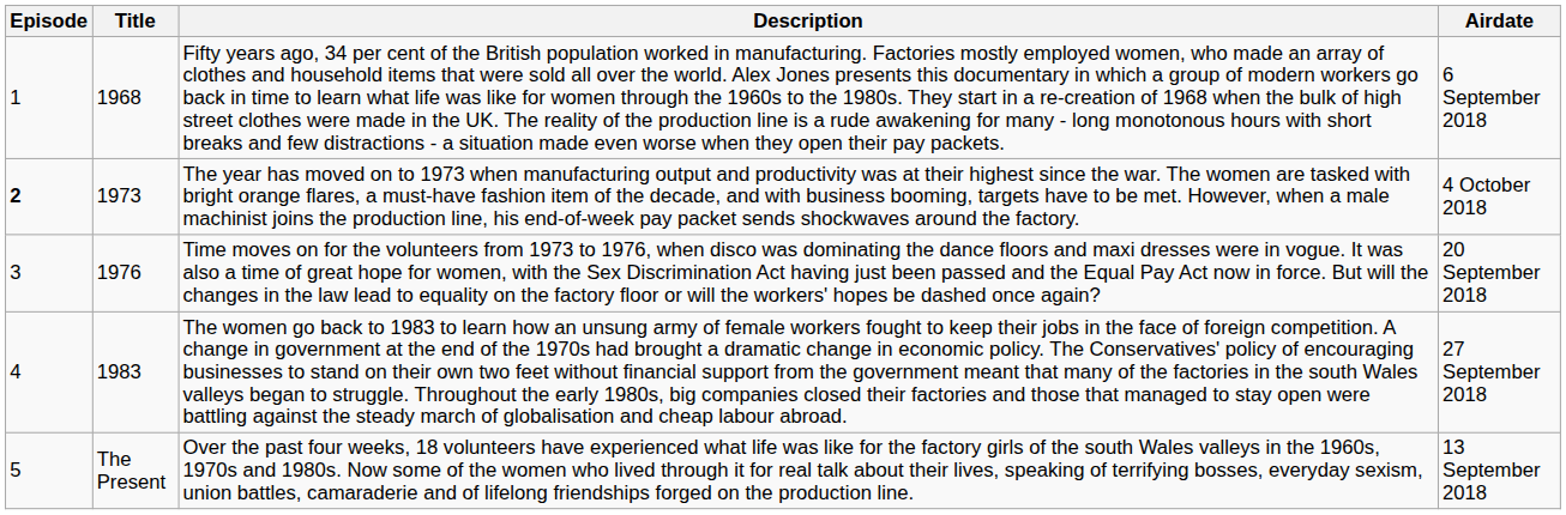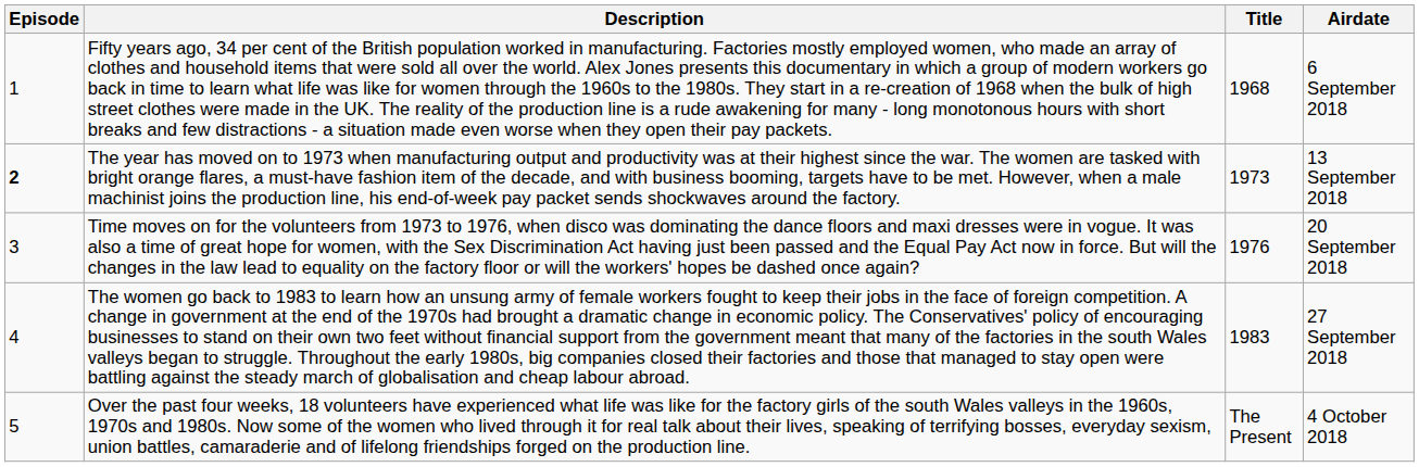 <table class="wikitable">
 <tr>
 <th>Episode</th>
+<th>Description</th>
 <th>Title</th>
-<th>Description</th>
 <th>Airdate</th>
 </tr>
 <tr>
 <td>1</td>
+<td>Fifty years ago, 34 per cent of the British population worked in manufacturing. Factories mostly employed women, who made an array of clothes and household items that were sold all over the world. Alex Jones presents this documentary in which a group of modern workers go back in time to learn what life was like for women through the 1960s to the 1980s. They start in a re-creation of 1968 when the bulk of high street clothes were made in the UK. The reality of the production line is a rude awakening for many - long monotonous hours with short breaks and few distractions - a situation made even worse when they open their pay packets.</td>
 <td>1968</td>
-<td>Fifty years ago, 34 per cent of the British population worked in manufacturing. Factories mostly employed women, who made an array of clothes and household items that were sold all over the world. Alex Jones presents this documentary in which a group of modern workers go back in time to learn what life was like for women through the 1960s to the 1980s. They start in a re-creation of 1968 when the bulk of high street clothes were made in the UK. The reality of the production line is a rude awakening for many - long monotonous hours with short breaks and few distractions - a situation made even worse when they open their pay packets.</td>
 <td>6 September 2018</td>
 </tr>
 <tr>
 <td><strong>2</strong></td>
+<td>The year has moved on to 1973 when manufacturing output and productivity was at their highest since the war. The women are tasked with bright orange flares, a must-have fashion item of the decade, and with business booming, targets have to be met. However, when a male machinist joins the production line, his end-of-week pay packet sends shockwaves around the factory.</td>
 <td>1973</td>
-<td>The year has moved on to 1973 when manufacturing output and productivity was at their highest since the war. The women are tasked with bright orange flares, a must-have fashion item of the decade, and with business booming, targets have to be met. However, when a male machinist joins the production line, his end-of-week pay packet sends shockwaves around the factory.</td>
-<td>4 October 2018</td>
+<td>13 September 2018</td>
 </tr>
 <tr>
 <td>3</td>
+<td>Time moves on for the volunteers from 1973 to 1976, when disco was dominating the dance floors and maxi dresses were in vogue. It was also a time of great hope for women, with the Sex Discrimination Act having just been passed and the Equal Pay Act now in force. But will the changes in the law lead to equality on the factory floor or will the workers' hopes be dashed once again?</td>
 <td>1976</td>
-<td>Time moves on for the volunteers from 1973 to 1976, when disco was dominating the dance floors and maxi dresses were in vogue. It was also a time of great hope for women, with the Sex Discrimination Act having just been passed and the Equal Pay Act now in force. But will the changes in the law lead to equality on the factory floor or will the workers' hopes be dashed once again?</td>
 <td>20 September 2018</td>
 </tr>
 <tr>
 <td>4</td>
+<td>The women go back to 1983 to learn how an unsung army of female workers fought to keep their jobs in the face of foreign competition. A change in government at the end of the 1970s had brought a dramatic change in economic policy. The Conservatives' policy of encouraging businesses to stand on their own two feet without financial support from the government meant that many of the factories in the south Wales valleys began to struggle. Throughout the early 1980s, big companies closed their factories and those that managed to stay open were battling against the steady march of globalisation and cheap labour abroad.</td>
 <td>1983</td>
-<td>The women go back to 1983 to learn how an unsung army of female workers fought to keep their jobs in the face of foreign competition. A change in government at the end of the 1970s had brought a dramatic change in economic policy. The Conservatives' policy of encouraging businesses to stand on their own two feet without financial support from the government meant that many of the factories in the south Wales valleys began to struggle. Throughout the early 1980s, big companies closed their factories and those that managed to stay open were battling against the steady march of globalisation and cheap labour abroad.</td>
 <td>27 September 2018</td>
 </tr>
 <tr>
 <td>5</td>
+<td>Over the past four weeks, 18 volunteers have experienced what life was like for the factory girls of the south Wales valleys in the 1960s, 1970s and 1980s. Now some of the women who lived through it for real talk about their lives, speaking of terrifying bosses, everyday sexism, union battles, camaraderie and of lifelong friendships forged on the production line.</td>
 <td>The Present</td>
-<td>Over the past four weeks, 18 volunteers have experienced what life was like for the factory girls of the south Wales valleys in the 1960s, 1970s and 1980s. Now some of the women who lived through it for real talk about their lives, speaking of terrifying bosses, everyday sexism, union battles, camaraderie and of lifelong friendships forged on the production line.</td>
-<td>13 September 2018</td>
+<td>4 October 2018</td>
 </tr>
 </table>
